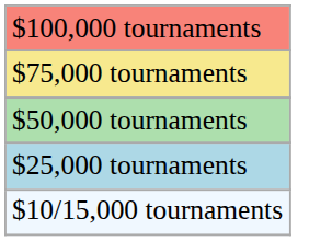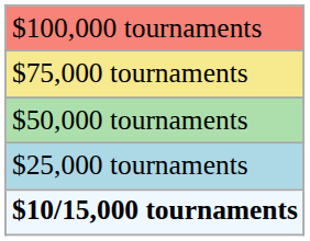 <table class=wikitable style="font-size:85%">
 <tr style="background:#f88379;">
 <td>$100,000 tournaments</td>
 </tr>
 <tr style="background:#f7e98e;">
 <td>$75,000 tournaments</td>
 </tr>
 <tr style="background:#addfad;">
 <td>$50,000 tournaments</td>
 </tr>
 <tr style="background:lightblue;">
 <td>$25,000 tournaments</td>
 </tr>
 <tr style="background:#f0f8ff;">
-<td>$10/15,000 tournaments</td>
+<td><strong>$10/15,000 tournaments</strong></td>
 </tr>
 </table>
